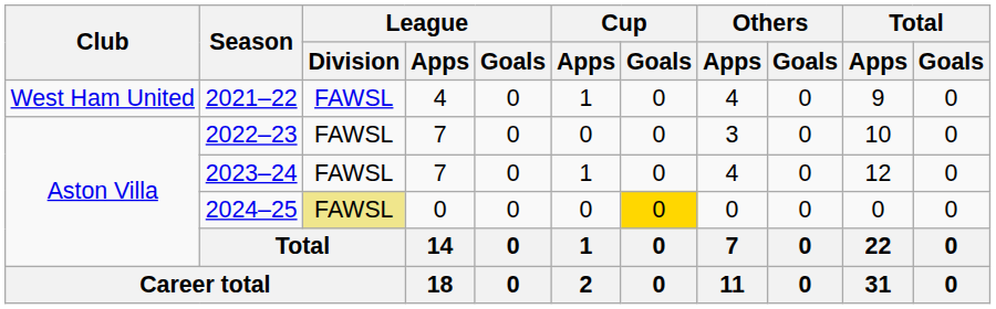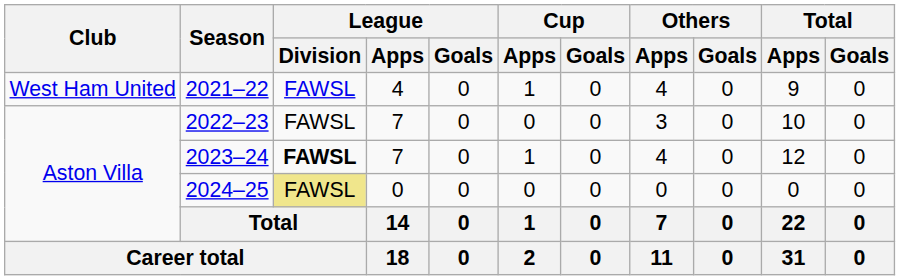 <table class="wikitable" style="text-align: center;">
 <tr>
 <th rowspan=2>Club</th>
 <th rowspan=2>Season</th>
 <th colspan=3>League</th>
 <th colspan=2>Cup</th>
 <th colspan=2>Others</th>
 <th colspan=2>Total</th>
 </tr>
 <tr>
 <th>Division</th>
 <th>Apps</th>
 <th>Goals</th>
 <th>Apps</th>
 <th>Goals</th>
 <th>Apps</th>
 <th>Goals</th>
 <th>Apps</th>
 <th>Goals</th>
 </tr>
 <tr>
 <td><a href='#'>West Ham United</a></td>
 <td><a href='#'>2021–22</a></td>
 <td><a href='#'>FAWSL</a></td>
 <td>4</td>
 <td>0</td>
 <td>1</td>
 <td>0</td>
 <td>4</td>
 <td>0</td>
 <td>9</td>
 <td>0</td>
 </tr>
 <tr>
 <td rowspan=4><a href='#'>Aston Villa</a></td>
 <td><a href='#'>2022–23</a></td>
 <td>FAWSL</td>
 <td>7</td>
 <td>0</td>
 <td>0</td>
 <td>0</td>
 <td>3</td>
 <td>0</td>
 <td>10</td>
 <td>0</td>
 </tr>
 <tr>
 <td><a href='#'>2023–24</a></td>
-<td>FAWSL</td>
+<td><strong>FAWSL</strong></td>
 <td>7</td>
 <td>0</td>
 <td>1</td>
 <td>0</td>
 <td>4</td>
 <td>0</td>
 <td>12</td>
 <td>0</td>
 </tr>
 <tr>
 <td><a href='#'>2024–25</a></td>
 <td style="background: khaki;">FAWSL</td>
 <td>0</td>
 <td>0</td>
 <td>0</td>
-<td style="background: gold;">0</td>
+<td>0</td>
 <td>0</td>
 <td>0</td>
 <td>0</td>
 <td>0</td>
 </tr>
 <tr>
 <th colspan=2>Total</th>
 <th>14</th>
 <th>0</th>
 <th>1</th>
 <th>0</th>
 <th>7</th>
 <th>0</th>
 <th>22</th>
 <th>0</th>
 </tr>
 <tr>
 <th colspan=3>Career total</th>
 <th>18</th>
 <th>0</th>
 <th>2</th>
 <th>0</th>
 <th>11</th>
 <th>0</th>
 <th>31</th>
 <th>0</th>
 </tr>
 </table>
